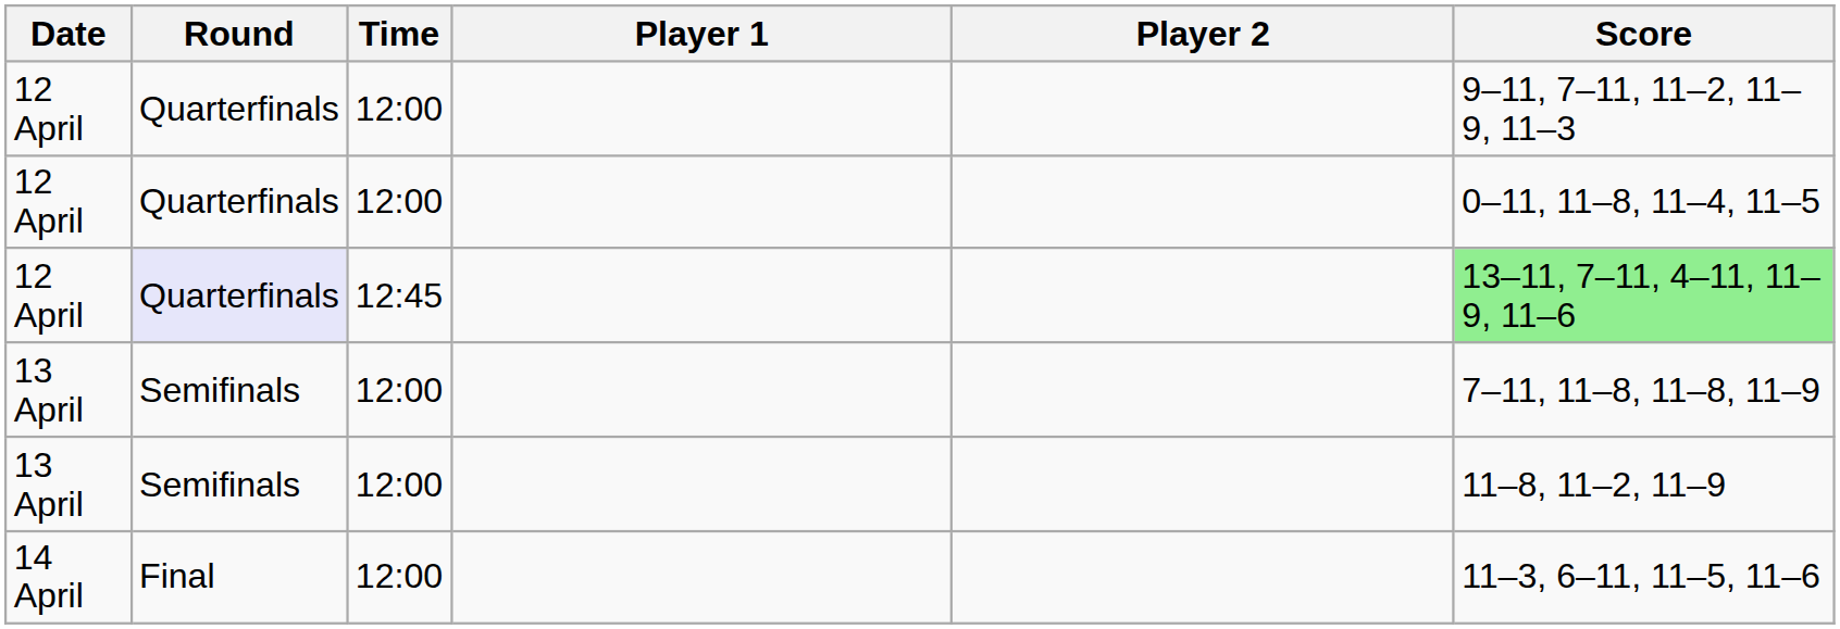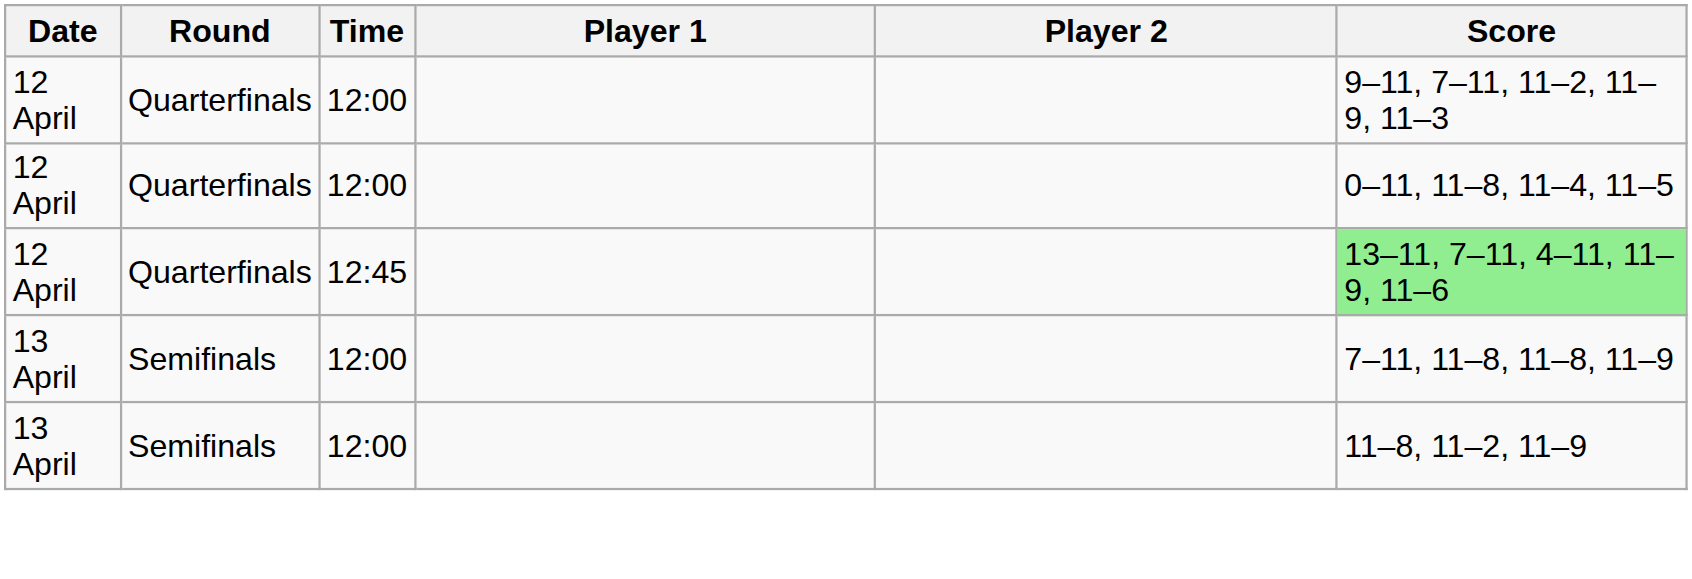 <table class="sortable wikitable" style="font-size:90%">
 <tr>
 <th width="45" class="unsortable">Date</th>
 <th width="55">Round</th>
 <th width="30">Time</th>
 <th width="200">Player 1</th>
 <th width="200">Player 2</th>
 <th width="150" class="unsortable">Score</th>
 </tr>
 <tr>
 <td>12 April</td>
 <td>Quarterfinals</td>
 <td>12:00</td>
 <td><strong></strong></td>
 <td></td>
 <td>9–11, 7–11, 11–2, 11–9, 11–3</td>
 </tr>
 <tr>
 <td>12 April</td>
 <td>Quarterfinals</td>
 <td>12:00</td>
 <td><strong></strong></td>
 <td></td>
 <td>0–11, 11–8, 11–4, 11–5</td>
 </tr>
 <tr>
 <td>12 April</td>
-<td style="background: lavender;">Quarterfinals</td>
+<td>Quarterfinals</td>
 <td>12:45</td>
 <td><strong></strong></td>
 <td></td>
 <td style="background: lightgreen;">13–11, 7–11, 4–11, 11–9, 11–6</td>
 </tr>
 <tr>
 <td>13 April</td>
 <td>Semifinals</td>
 <td>12:00</td>
 <td><strong></strong></td>
 <td></td>
 <td>7–11, 11–8, 11–8, 11–9</td>
 </tr>
 <tr>
 <td>13 April</td>
 <td>Semifinals</td>
 <td>12:00</td>
 <td><strong></strong></td>
 <td></td>
 <td>11–8, 11–2, 11–9</td>
 </tr>
-<tr>
-<td>14 April</td>
-<td>Final</td>
-<td>12:00</td>
-<td><strong></strong></td>
-<td></td>
-<td>11–3, 6–11, 11–5, 11–6</td>
-</tr>
 </table>
